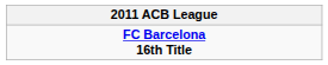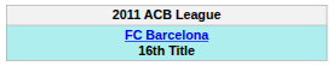 <table class="wikitable" style="margin: 0 auto; width: 20%;">
 <tr>
 <th>2011 ACB League</th>
 </tr>
 <tr>
-<td align=center><strong><a href='#'>FC Barcelona</a></strong><br><strong>16th Title</strong> <br></td>
+<td align=center style="background: paleturquoise;"><strong><a href='#'>FC Barcelona</a></strong><br><strong>16th Title</strong> <br></td>
 </tr>
 </table>
